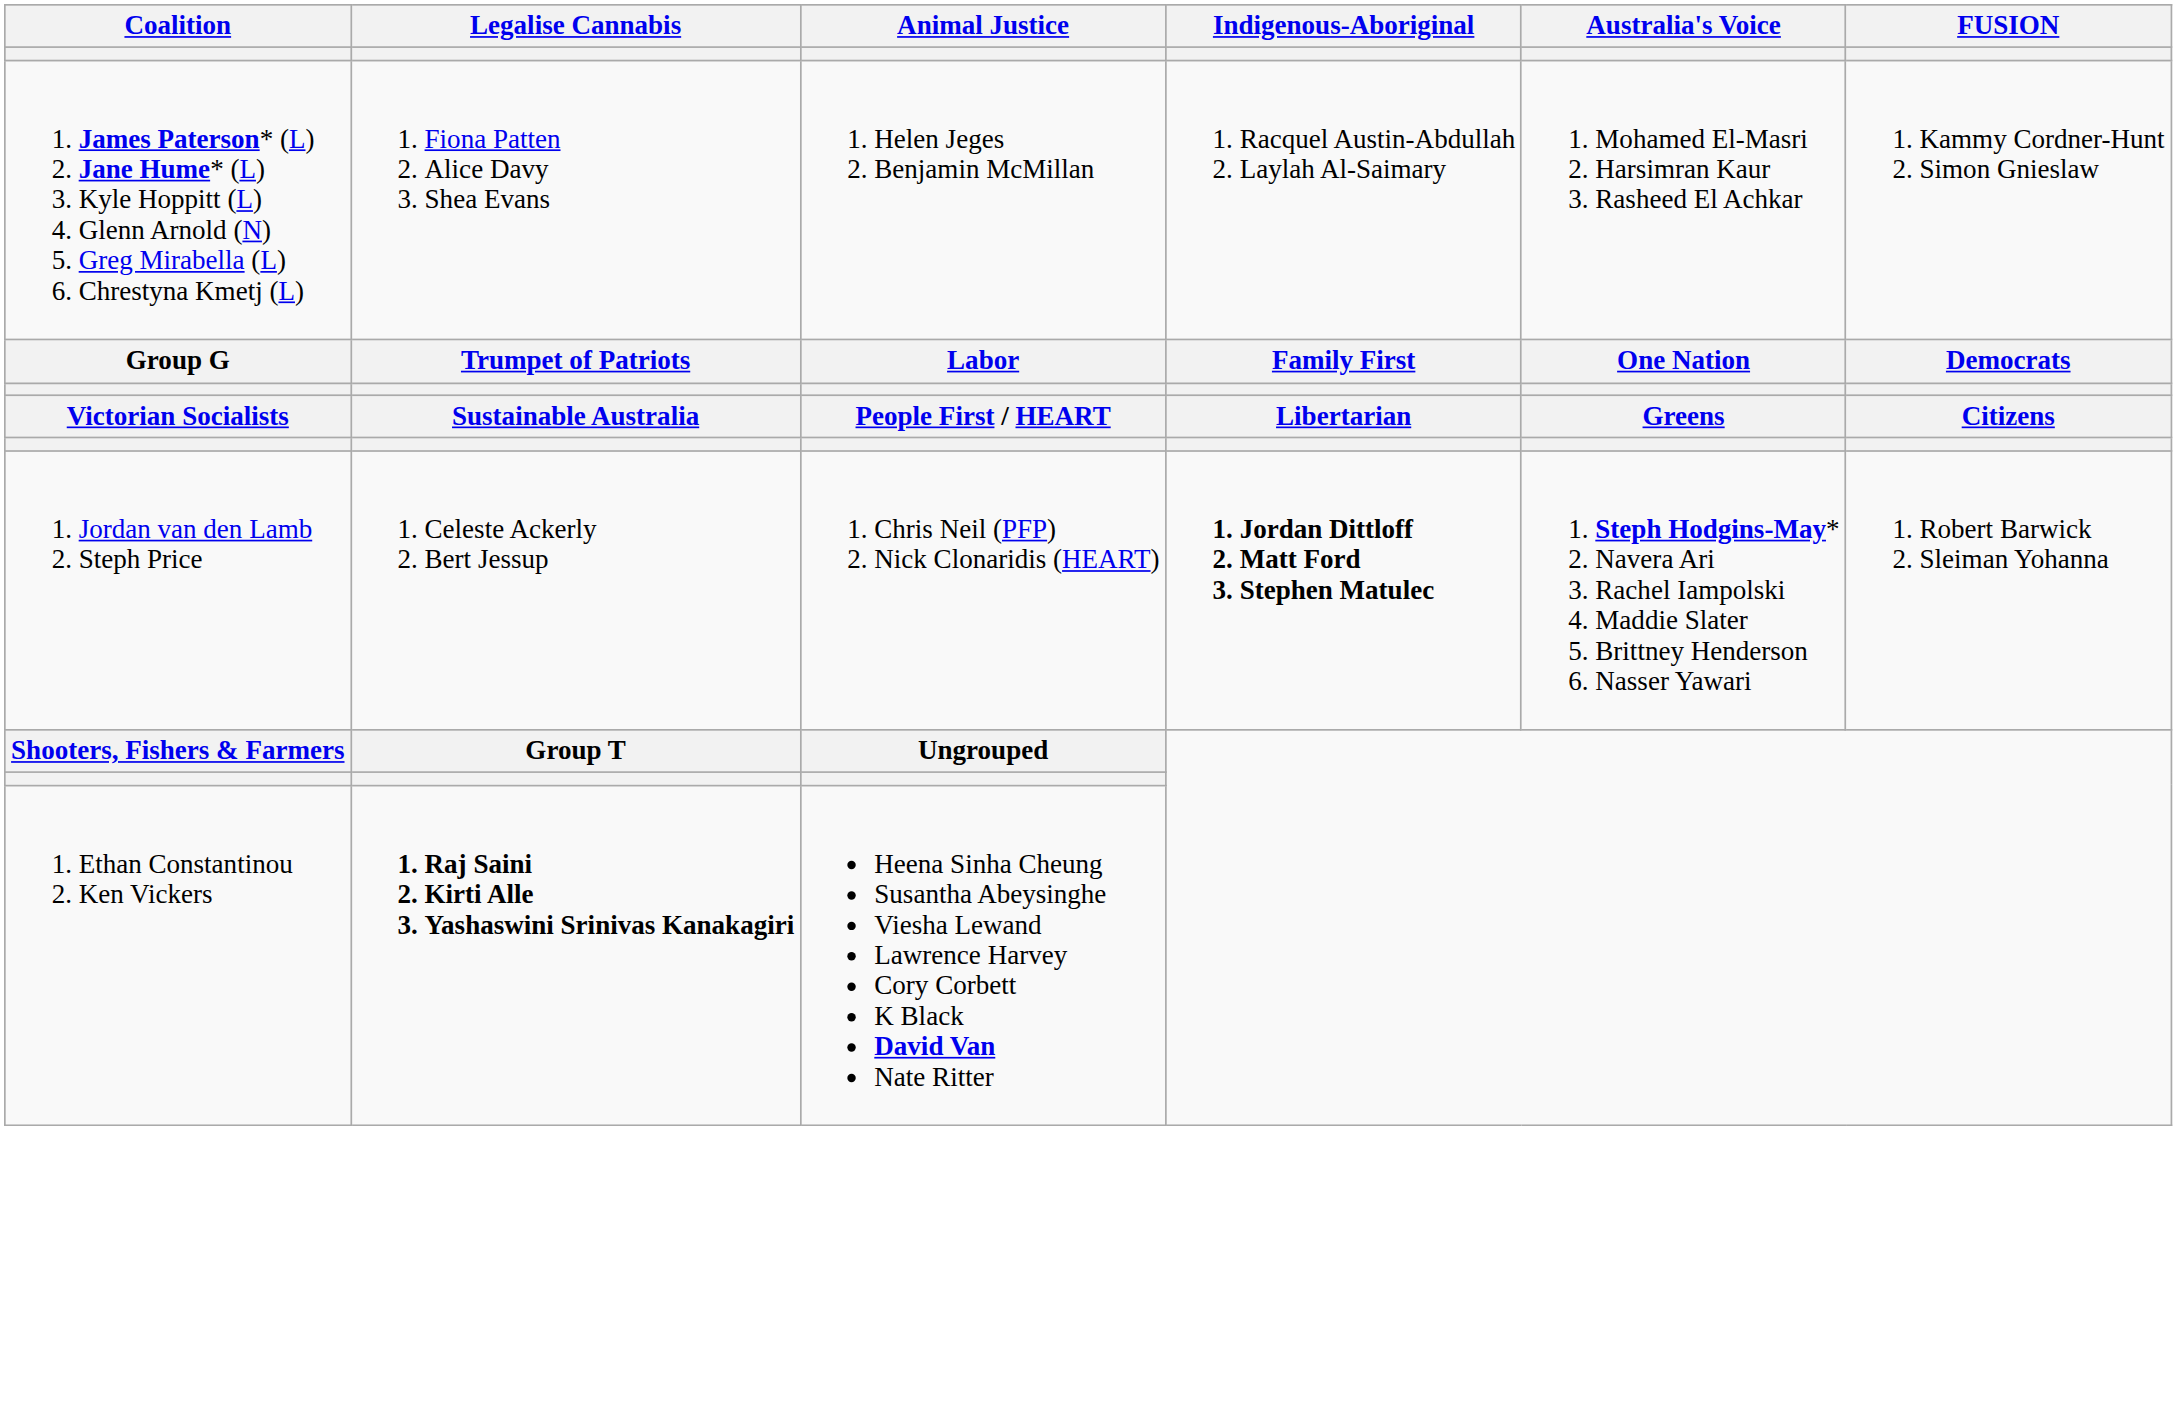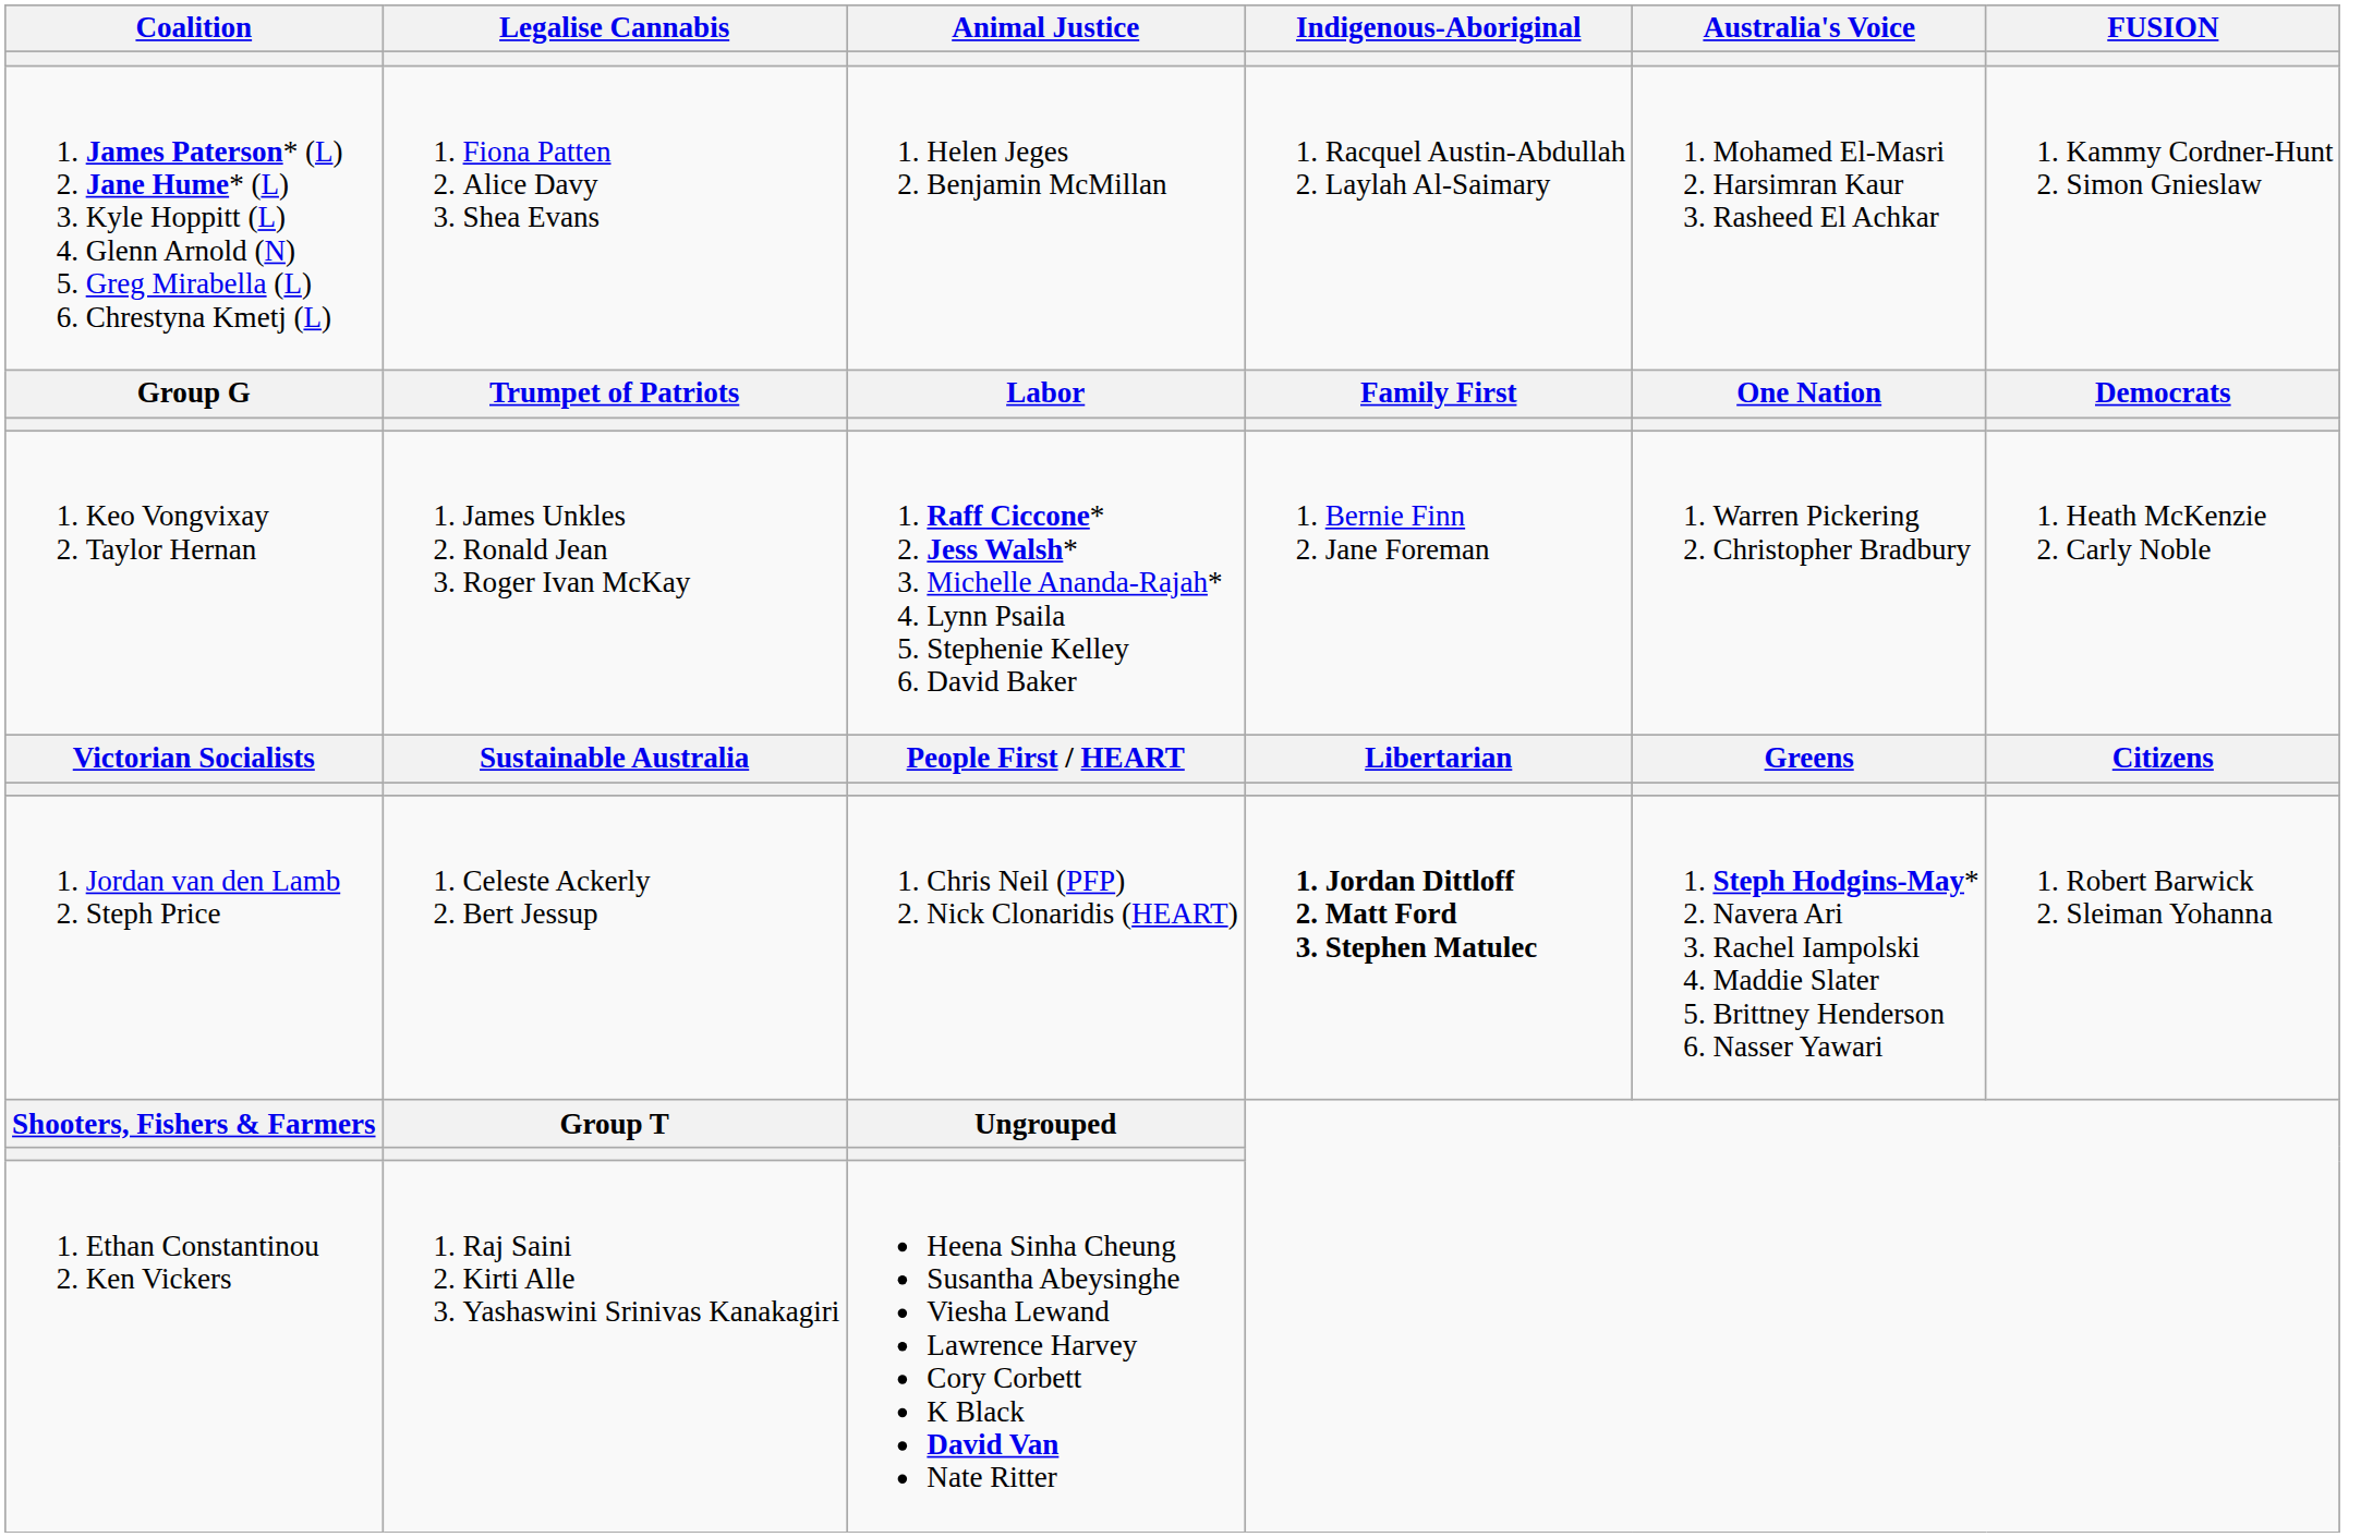 <table class=wikitable>
 <tr>
 <th><a href='#'>Coalition</a></th>
 <th><a href='#'>Legalise Cannabis</a></th>
 <th><a href='#'>Animal Justice</a></th>
 <th><a href='#'>Indigenous-Aboriginal</a></th>
 <th><a href='#'>Australia's Voice</a></th>
 <th><a href='#'>FUSION</a></th>
 </tr>
 <tr style=background:#ccc>
 <th></th>
 <th></th>
 <th></th>
 <th></th>
 <th></th>
 <th></th>
 </tr>
 <tr>
 <td><br><ol> <li> <strong><a href='#'>James Paterson</a></strong>* (<a href='#'>L</a>) <li> <strong><a href='#'>Jane Hume</a></strong>* (<a href='#'>L</a>) <li> Kyle Hoppitt (<a href='#'>L</a>) <li> Glenn Arnold (<a href='#'>N</a>) <li> <a href='#'>Greg Mirabella</a> (<a href='#'>L</a>) <li> Chrestyna Kmetj (<a href='#'>L</a>) </ol></td>
 <td valign=top><br><ol> <li> <a href='#'>Fiona Patten</a> <li> Alice Davy <li> Shea Evans </ol></td>
 <td valign=top><br><ol> <li> Helen Jeges <li> Benjamin McMillan </ol></td>
 <td valign=top><br><ol> <li> Racquel Austin-Abdullah <li> Laylah Al-Saimary </ol></td>
 <td valign=top><br><ol> <li> Mohamed El-Masri <li> Harsimran Kaur <li> Rasheed El Achkar </ol></td>
 <td valign=top><br><ol> <li> Kammy Cordner-Hunt <li> Simon Gnieslaw </ol></td>
 </tr>
 <tr>
 <th>Group G</th>
 <th><a href='#'>Trumpet of Patriots</a></th>
 <th><a href='#'>Labor</a></th>
 <th><a href='#'>Family First</a></th>
 <th><a href='#'>One Nation</a></th>
 <th><a href='#'>Democrats</a></th>
 </tr>
 <tr style=background:#ccc>
 <th></th>
 <th></th>
 <th></th>
 <th></th>
 <th></th>
 <th></th>
 </tr>
 <tr>
+<td valign=top><br><ol> <li> Keo Vongvixay <li> Taylor Hernan </ol></td>
+<td valign=top><br><ol> <li> James Unkles <li> Ronald Jean <li> Roger Ivan McKay </ol></td>
+<td><br><ol> <li> <strong><a href='#'>Raff Ciccone</a></strong>* <li> <strong><a href='#'>Jess Walsh</a></strong>* <li> <a href='#'>Michelle Ananda-Rajah</a>* <li> Lynn Psaila <li> Stephenie Kelley <li> David Baker </ol></td>
+<td valign=top><br><ol> <li> <a href='#'>Bernie Finn</a> <li> Jane Foreman </ol></td>
+<td valign=top><br><ol> <li> Warren Pickering <li> Christopher Bradbury </ol></td>
+<td valign=top><br><ol> <li> Heath McKenzie <li> Carly Noble </ol></td>
+</tr>
+<tr>
 <th><a href='#'>Victorian Socialists</a></th>
 <th><a href='#'>Sustainable Australia</a></th>
 <th><a href='#'>People First</a> / <a href='#'>HEART</a></th>
 <th><a href='#'>Libertarian</a></th>
 <th><a href='#'>Greens</a></th>
 <th><a href='#'>Citizens</a></th>
 </tr>
 <tr>
 <th></th>
 <th></th>
 <th></th>
 <th></th>
 <th></th>
 <th></th>
 </tr>
 <tr>
 <td valign=top><br><ol> <li> <a href='#'>Jordan van den Lamb</a> <li> Steph Price </ol></td>
 <td valign=top><br><ol> <li> Celeste Ackerly <li> Bert Jessup </ol></td>
 <td valign=top><br><ol> <li> Chris Neil (<a href='#'>PFP</a>) <li> Nick Clonaridis (<a href='#'>HEART</a>) </ol></td>
 <td valign=top><strong><br><ol> <li> Jordan Dittloff <li> Matt Ford <li> Stephen Matulec </ol></strong></td>
 <td><br><ol> <li> <strong><a href='#'>Steph Hodgins-May</a></strong>* <li> Navera Ari <li> Rachel Iampolski <li> Maddie Slater <li> Brittney Henderson <li> Nasser Yawari </ol></td>
 <td valign=top><br><ol> <li> Robert Barwick <li> Sleiman Yohanna </ol></td>
 </tr>
 <tr>
 <th><a href='#'>Shooters, Fishers & Farmers</a></th>
 <th>Group T</th>
 <th>Ungrouped</th>
 </tr>
 <tr>
 <th></th>
 <th></th>
 <th></th>
 </tr>
 <tr>
 <td valign=top><br><ol> <li> Ethan Constantinou <li> Ken Vickers </ol></td>
-<td valign=top><strong><br><ol> <li> Raj Saini <li> Kirti Alle <li> Yashaswini Srinivas Kanakagiri</ol></strong></td>
+<td valign=top><br><ol> <li> Raj Saini <li> Kirti Alle <li> Yashaswini Srinivas Kanakagiri</ol></td>
 <td valign=top><br><ul> <li> Heena Sinha Cheung <li> Susantha Abeysinghe <li> Viesha Lewand <li> Lawrence Harvey <li> Cory Corbett <li> K Black <li> <strong><a href='#'>David Van</a></strong> <li> Nate Ritter </ul></td>
 </tr>
 </table>
